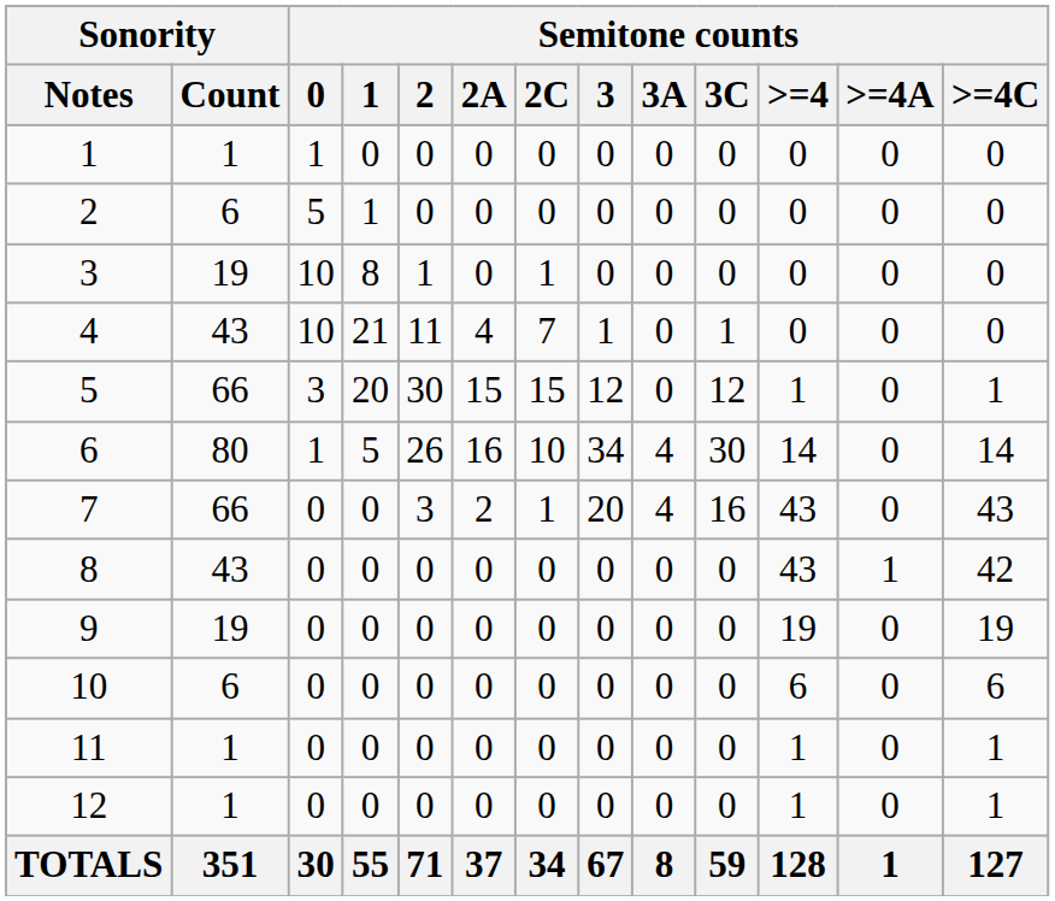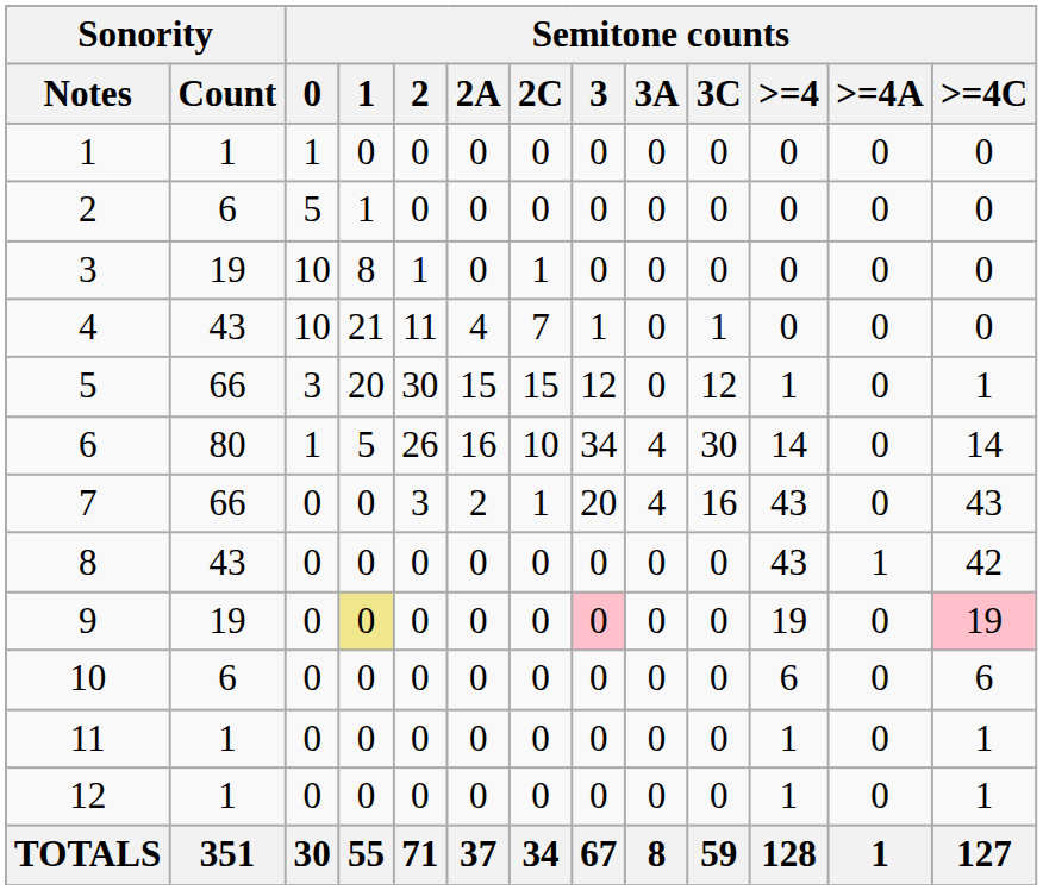 <table class="wikitable" style="text-align:center">
 <tr>
 <th colspan="2">Sonority</th>
 <th colspan="11">Semitone counts</th>
 </tr>
 <tr>
 <th>Notes</th>
 <th>Count</th>
 <th>0</th>
 <th>1</th>
 <th>2</th>
 <th>2A</th>
 <th>2C</th>
 <th>3</th>
 <th>3A</th>
 <th>3C</th>
 <th>>=4</th>
 <th>>=4A</th>
 <th>>=4C</th>
 </tr>
 <tr>
 <td>1</td>
 <td>1</td>
 <td>1</td>
 <td>0</td>
 <td>0</td>
 <td>0</td>
 <td>0</td>
 <td>0</td>
 <td>0</td>
 <td>0</td>
 <td>0</td>
 <td>0</td>
 <td>0</td>
 </tr>
 <tr>
 <td>2</td>
 <td>6</td>
 <td>5</td>
 <td>1</td>
 <td>0</td>
 <td>0</td>
 <td>0</td>
 <td>0</td>
 <td>0</td>
 <td>0</td>
 <td>0</td>
 <td>0</td>
 <td>0</td>
 </tr>
 <tr>
 <td>3</td>
 <td>19</td>
 <td>10</td>
 <td>8</td>
 <td>1</td>
 <td>0</td>
 <td>1</td>
 <td>0</td>
 <td>0</td>
 <td>0</td>
 <td>0</td>
 <td>0</td>
 <td>0</td>
 </tr>
 <tr>
 <td>4</td>
 <td>43</td>
 <td>10</td>
 <td>21</td>
 <td>11</td>
 <td>4</td>
 <td>7</td>
 <td>1</td>
 <td>0</td>
 <td>1</td>
 <td>0</td>
 <td>0</td>
 <td>0</td>
 </tr>
 <tr>
 <td>5</td>
 <td>66</td>
 <td>3</td>
 <td>20</td>
 <td>30</td>
 <td>15</td>
 <td>15</td>
 <td>12</td>
 <td>0</td>
 <td>12</td>
 <td>1</td>
 <td>0</td>
 <td>1</td>
 </tr>
 <tr>
 <td>6</td>
 <td>80</td>
 <td>1</td>
 <td>5</td>
 <td>26</td>
 <td>16</td>
 <td>10</td>
 <td>34</td>
 <td>4</td>
 <td>30</td>
 <td>14</td>
 <td>0</td>
 <td>14</td>
 </tr>
 <tr>
 <td>7</td>
 <td>66</td>
 <td>0</td>
 <td>0</td>
 <td>3</td>
 <td>2</td>
 <td>1</td>
 <td>20</td>
 <td>4</td>
 <td>16</td>
 <td>43</td>
 <td>0</td>
 <td>43</td>
 </tr>
 <tr>
 <td>8</td>
 <td>43</td>
 <td>0</td>
 <td>0</td>
 <td>0</td>
 <td>0</td>
 <td>0</td>
 <td>0</td>
 <td>0</td>
 <td>0</td>
 <td>43</td>
 <td>1</td>
 <td>42</td>
 </tr>
 <tr>
 <td>9</td>
 <td>19</td>
 <td>0</td>
+<td style="background: khaki;">0</td>
 <td>0</td>
 <td>0</td>
 <td>0</td>
-<td>0</td>
-<td>0</td>
+<td style="background: pink;">0</td>
 <td>0</td>
 <td>0</td>
 <td>19</td>
 <td>0</td>
-<td>19</td>
+<td style="background: pink;">19</td>
 </tr>
 <tr>
 <td>10</td>
 <td>6</td>
 <td>0</td>
 <td>0</td>
 <td>0</td>
 <td>0</td>
 <td>0</td>
 <td>0</td>
 <td>0</td>
 <td>0</td>
 <td>6</td>
 <td>0</td>
 <td>6</td>
 </tr>
 <tr>
 <td>11</td>
 <td>1</td>
 <td>0</td>
 <td>0</td>
 <td>0</td>
 <td>0</td>
 <td>0</td>
 <td>0</td>
 <td>0</td>
 <td>0</td>
 <td>1</td>
 <td>0</td>
 <td>1</td>
 </tr>
 <tr>
 <td>12</td>
 <td>1</td>
 <td>0</td>
 <td>0</td>
 <td>0</td>
 <td>0</td>
 <td>0</td>
 <td>0</td>
 <td>0</td>
 <td>0</td>
 <td>1</td>
 <td>0</td>
 <td>1</td>
 </tr>
 <tr>
 <th>TOTALS</th>
 <th>351</th>
 <th>30</th>
 <th>55</th>
 <th>71</th>
 <th>37</th>
 <th>34</th>
 <th>67</th>
 <th>8</th>
 <th>59</th>
 <th>128</th>
 <th>1</th>
 <th>127</th>
 </tr>
 </table>
